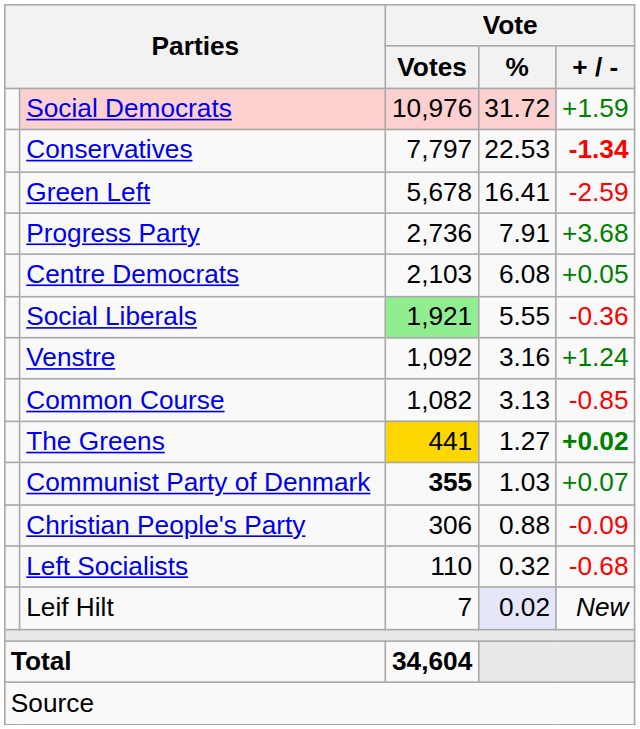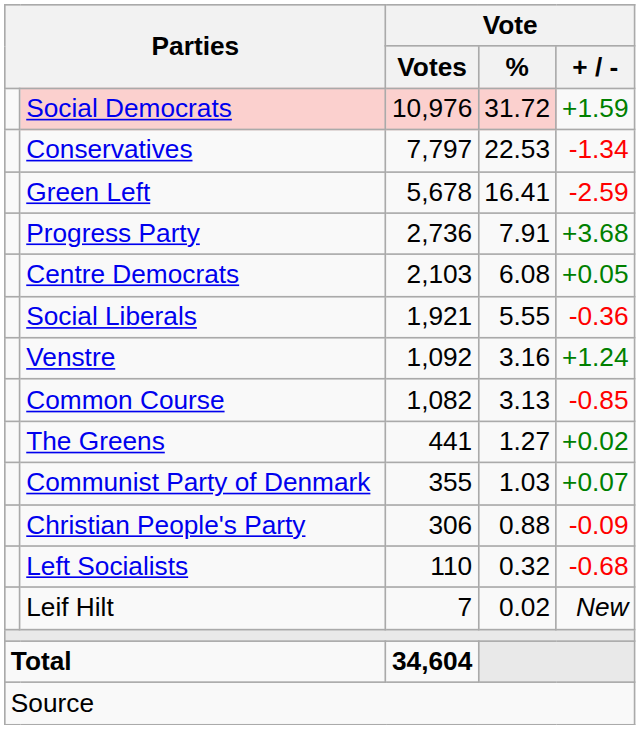 <table class="wikitable" style="text-align:right;">
 <tr>
 <th style="text-align:centre;" rowspan="2" colspan="2" width="225">Parties</th>
 <th colspan="3">Vote</th>
 </tr>
 <tr>
 <th width="15">Votes</th>
 <th width="15">%</th>
 <th width="15">+ / -</th>
 </tr>
 <tr>
 <td width="2" style="color:inherit;background:"></td>
 <td bgcolor=#fbd0ce  align="left"><a href='#'>Social Democrats</a></td>
 <td bgcolor=#fbd0ce>10,976</td>
 <td bgcolor=#fbd0ce>31.72</td>
 <td style=color:green;>+1.59</td>
 </tr>
 <tr>
 <td width="2" style="color:inherit;background:"></td>
 <td align="left"><a href='#'>Conservatives</a></td>
 <td>7,797</td>
 <td>22.53</td>
-<td style=color:red;><strong>-1.34</strong></td>
+<td style=color:red;>-1.34</td>
 </tr>
 <tr>
 <td width="2" style="color:inherit;background:"></td>
 <td align="left"><a href='#'>Green Left</a></td>
 <td>5,678</td>
 <td>16.41</td>
 <td style=color:red;>-2.59</td>
 </tr>
 <tr>
 <td width="2" style="color:inherit;background:"></td>
 <td align="left"><a href='#'>Progress Party</a></td>
 <td>2,736</td>
 <td>7.91</td>
 <td style=color:green;>+3.68</td>
 </tr>
 <tr>
 <td width="2" style="color:inherit;background:"></td>
 <td align="left"><a href='#'>Centre Democrats</a></td>
 <td>2,103</td>
 <td>6.08</td>
 <td style=color:green;>+0.05</td>
 </tr>
 <tr>
 <td width="2" style="color:inherit;background:"></td>
 <td align="left"><a href='#'>Social Liberals</a></td>
-<td style="background: lightgreen;">1,921</td>
+<td>1,921</td>
 <td>5.55</td>
 <td style=color:red;>-0.36</td>
 </tr>
 <tr>
 <td width="2" style="color:inherit;background:"></td>
 <td align="left"><a href='#'>Venstre</a></td>
 <td>1,092</td>
 <td>3.16</td>
 <td style=color:green;>+1.24</td>
 </tr>
 <tr>
 <td width="2" style="color:inherit;background:"></td>
 <td align="left"><a href='#'>Common Course</a></td>
 <td>1,082</td>
 <td>3.13</td>
 <td style=color:red;>-0.85</td>
 </tr>
 <tr>
 <td width="2" style="color:inherit;background:"></td>
 <td align="left"><a href='#'>The Greens</a></td>
-<td style="background: gold;">441</td>
+<td>441</td>
 <td>1.27</td>
-<td style=color:green;><strong>+0.02</strong></td>
+<td style=color:green;>+0.02</td>
 </tr>
 <tr>
 <td width="2" style="color:inherit;background:"></td>
 <td align="left"><a href='#'>Communist Party of Denmark</a></td>
-<td><strong>355</strong></td>
+<td>355</td>
 <td>1.03</td>
 <td style=color:green;>+0.07</td>
 </tr>
 <tr>
 <td width="2" style="color:inherit;background:"></td>
 <td align="left"><a href='#'>Christian People's Party</a></td>
 <td>306</td>
 <td>0.88</td>
 <td style=color:red;>-0.09</td>
 </tr>
 <tr>
 <td width="2" style="color:inherit;background:"></td>
 <td align="left"><a href='#'>Left Socialists</a></td>
 <td>110</td>
 <td>0.32</td>
 <td style=color:red;>-0.68</td>
 </tr>
 <tr>
 <td width="2" style="color:inherit;background:"></td>
 <td align="left">Leif Hilt</td>
 <td>7</td>
-<td style="background: lavender;">0.02</td>
+<td>0.02</td>
 <td><em>New</em></td>
 </tr>
 <tr>
 <td colspan="7" bgcolor="#E9E9E9"></td>
 </tr>
 <tr>
 <td align="left" colspan="2"><strong>Total</strong></td>
 <td><strong>34,604</strong></td>
 <td bgcolor="#E9E9E9" colspan="2"></td>
 </tr>
 <tr>
 <td align="left" colspan="6">Source</td>
 </tr>
 </table>
